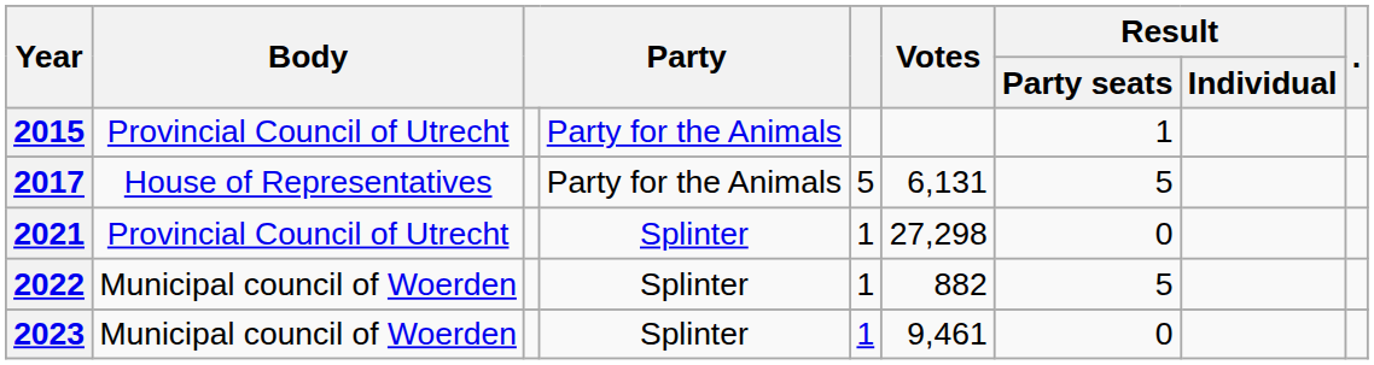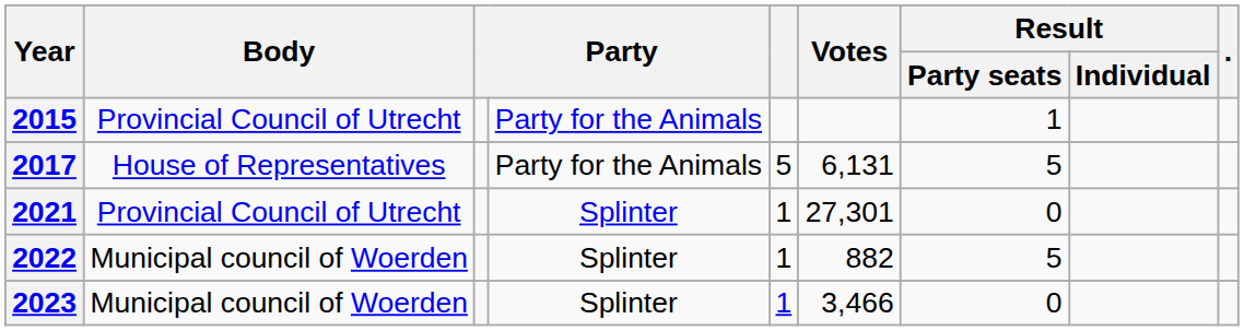 <table class="wikitable plainrowheaders sortable" border=2 cellpadding=4 cellspacing=0 style="border: 1px #aaa solid; font-size: 90%; text-align:center;">
 <tr>
 <th scope="col" rowspan=2>Year</th>
 <th scope="col" rowspan=2>Body</th>
 <th scope="col" colspan=2 rowspan=2>Party</th>
 <th scope="col" rowspan=2></th>
 <th scope="col" rowspan=2>Votes</th>
 <th scope="colgroup" colspan=2>Result</th>
 <th scope="col" rowspan=2 class="unsortable">.</th>
 </tr>
 <tr>
 <th scope="col">Party seats</th>
 <th scope="col">Individual</th>
 </tr>
 <tr>
 <th scope="row"><a href='#'>2015</a></th>
 <td><a href='#'>Provincial Council of Utrecht</a></td>
 <td style="background-color:"></td>
 <td><a href='#'>Party for the Animals</a></td>
 <td style=text-align:right></td>
 <td style=text-align:right></td>
 <td style=text-align:right>1</td>
 <td></td>
 <td></td>
 </tr>
 <tr>
 <th scope="row"><a href='#'>2017</a></th>
 <td><a href='#'>House of Representatives</a></td>
 <td style="background-color:"></td>
 <td>Party for the Animals</td>
 <td style=text-align:right>5</td>
 <td style=text-align:right>6,131</td>
 <td style=text-align:right>5</td>
 <td></td>
 <td></td>
 </tr>
 <tr>
 <th scope="row"><a href='#'>2021</a></th>
 <td><a href='#'>Provincial Council of Utrecht</a></td>
 <td style="background-color:"></td>
 <td><a href='#'>Splinter</a></td>
 <td style=text-align:right>1</td>
-<td style=text-align:right>27,298</td>
+<td style=text-align:right>27,301</td>
 <td style=text-align:right>0</td>
 <td></td>
 <td></td>
 </tr>
 <tr>
 <th scope="row"><a href='#'>2022</a></th>
 <td>Municipal council of <a href='#'>Woerden</a></td>
 <td style="background-color:"></td>
 <td>Splinter</td>
 <td style=text-align:right>1</td>
 <td style=text-align:right>882</td>
 <td style=text-align:right>5</td>
 <td></td>
 <td></td>
 </tr>
 <tr>
 <th scope="row"><a href='#'>2023</a></th>
 <td>Municipal council of <a href='#'>Woerden</a></td>
 <td style="background-color:"></td>
 <td>Splinter</td>
 <td style=text-align:right><a href='#'>1</a></td>
-<td style=text-align:right>9,461</td>
+<td style=text-align:right>3,466</td>
 <td style=text-align:right>0</td>
 <td></td>
 <td></td>
 </tr>
 </table>
